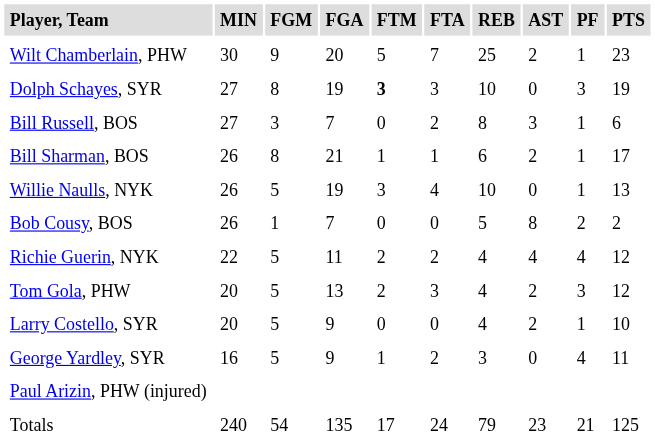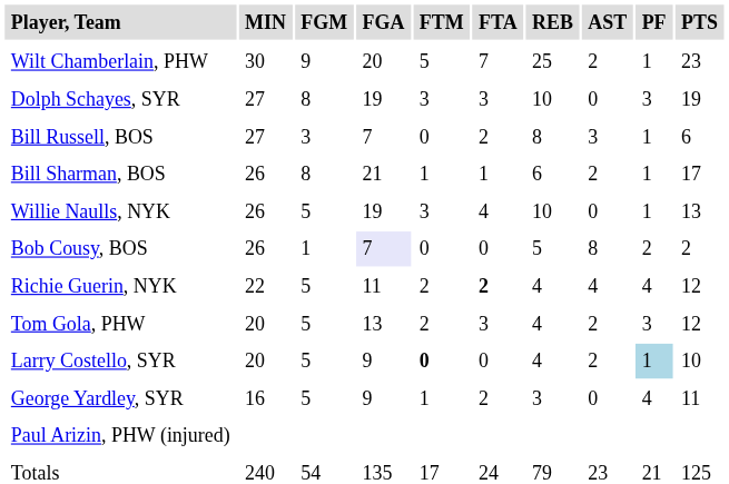 <table cellpadding=5>
 <tr bgcolor="#dddddd">
 <td><strong>Player, Team</strong></td>
 <td><strong>MIN</strong></td>
 <td><strong>FGM</strong></td>
 <td><strong>FGA</strong></td>
 <td><strong>FTM</strong></td>
 <td><strong>FTA</strong></td>
 <td><strong>REB</strong></td>
 <td><strong>AST</strong></td>
 <td><strong>PF</strong></td>
 <td><strong>PTS</strong></td>
 </tr>
 <tr bgcolor="#eeeeee">
 </tr>
 <tr>
 <td><a href='#'>Wilt Chamberlain</a>, PHW</td>
 <td>30</td>
 <td>9</td>
 <td>20</td>
 <td>5</td>
 <td>7</td>
 <td>25</td>
 <td>2</td>
 <td>1</td>
 <td>23</td>
 </tr>
 <tr>
 <td><a href='#'>Dolph Schayes</a>, SYR</td>
 <td>27</td>
 <td>8</td>
 <td>19</td>
-<td><strong>3</strong></td>
+<td>3</td>
 <td>3</td>
 <td>10</td>
 <td>0</td>
 <td>3</td>
 <td>19</td>
 </tr>
 <tr>
 <td><a href='#'>Bill Russell</a>, BOS</td>
 <td>27</td>
 <td>3</td>
 <td>7</td>
 <td>0</td>
 <td>2</td>
 <td>8</td>
 <td>3</td>
 <td>1</td>
 <td>6</td>
 </tr>
 <tr>
 <td><a href='#'>Bill Sharman</a>, BOS</td>
 <td>26</td>
 <td>8</td>
 <td>21</td>
 <td>1</td>
 <td>1</td>
 <td>6</td>
 <td>2</td>
 <td>1</td>
 <td>17</td>
 </tr>
 <tr>
 <td><a href='#'>Willie Naulls</a>, NYK</td>
 <td>26</td>
 <td>5</td>
 <td>19</td>
 <td>3</td>
 <td>4</td>
 <td>10</td>
 <td>0</td>
 <td>1</td>
 <td>13</td>
 </tr>
 <tr>
 <td><a href='#'>Bob Cousy</a>, BOS</td>
 <td>26</td>
 <td>1</td>
-<td>7</td>
+<td style="background: lavender;">7</td>
 <td>0</td>
 <td>0</td>
 <td>5</td>
 <td>8</td>
 <td>2</td>
 <td>2</td>
 </tr>
 <tr>
 <td><a href='#'>Richie Guerin</a>, NYK</td>
 <td>22</td>
 <td>5</td>
 <td>11</td>
 <td>2</td>
-<td>2</td>
+<td><strong>2</strong></td>
 <td>4</td>
 <td>4</td>
 <td>4</td>
 <td>12</td>
 </tr>
 <tr>
 <td><a href='#'>Tom Gola</a>, PHW</td>
 <td>20</td>
 <td>5</td>
 <td>13</td>
 <td>2</td>
 <td>3</td>
 <td>4</td>
 <td>2</td>
 <td>3</td>
 <td>12</td>
 </tr>
 <tr>
 <td><a href='#'>Larry Costello</a>, SYR</td>
 <td>20</td>
 <td>5</td>
 <td>9</td>
-<td>0</td>
+<td><strong>0</strong></td>
 <td>0</td>
 <td>4</td>
 <td>2</td>
-<td>1</td>
+<td style="background: lightblue;">1</td>
 <td>10</td>
 </tr>
 <tr>
 <td><a href='#'>George Yardley</a>, SYR</td>
 <td>16</td>
 <td>5</td>
 <td>9</td>
 <td>1</td>
 <td>2</td>
 <td>3</td>
 <td>0</td>
 <td>4</td>
 <td>11</td>
 </tr>
 <tr>
 <td><a href='#'>Paul Arizin</a>, PHW (injured)</td>
 </tr>
 <tr>
 <td>Totals</td>
 <td>240</td>
 <td>54</td>
 <td>135</td>
 <td>17</td>
 <td>24</td>
 <td>79</td>
 <td>23</td>
 <td>21</td>
 <td>125</td>
 </tr>
 <tr>
 </tr>
 </table>
